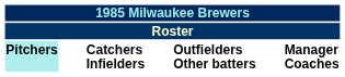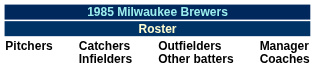 <table class="toccolours" style="font-size: 95%;">
 <tr>
 <th colspan="10" style="background-color: #00285D; color: #9CEEEE; text-align: center;">1985 Milwaukee Brewers</th>
 </tr>
 <tr>
 <td colspan="10" style="background-color: #003366; color: #FFFDD0; text-align: center;"><strong>Roster</strong></td>
 </tr>
 <tr>
-<td valign="top" style="background: paleturquoise;"><strong>Pitchers</strong><br>                </td>
+<td valign="top"><strong>Pitchers</strong><br>                </td>
 <td width="25px"></td>
 <td valign="top"><strong>Catchers</strong><br>   <strong>Infielders</strong>       </td>
 <td width="25px"></td>
 <td valign="top"><strong>Outfielders</strong><br>           <strong>Other batters</strong> </td>
 <td width="25px"></td>
 <td valign="top"><strong>Manager</strong><br>  <strong>Coaches</strong>       </td>
 </tr>
 <tr>
 </tr>
 </table>
